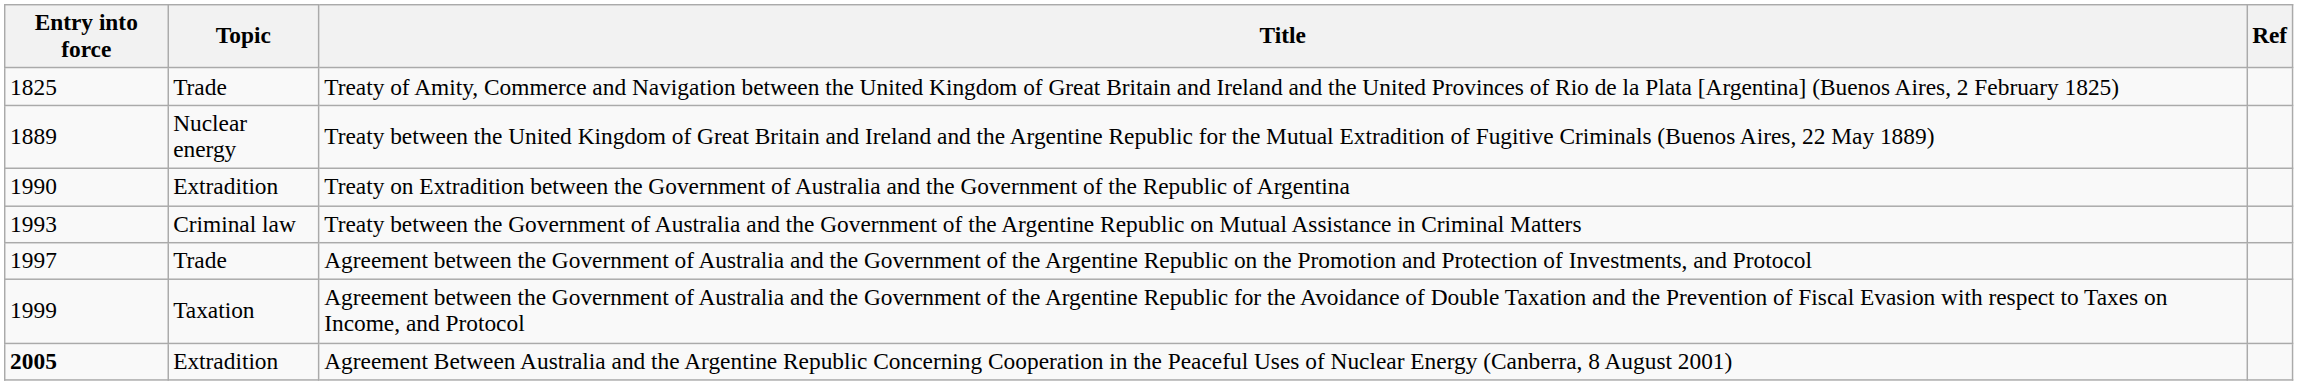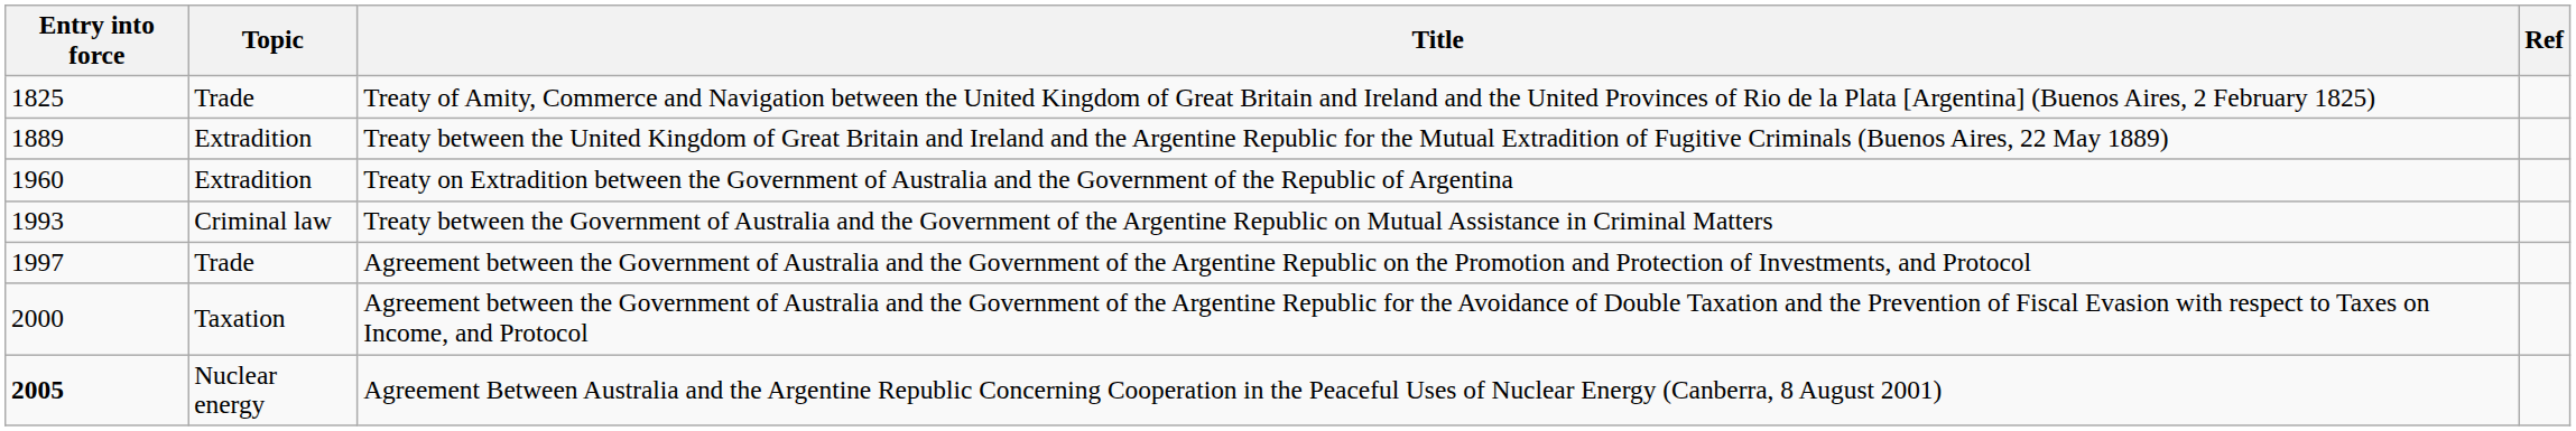 <table class="wikitable sortable">
 <tr>
 <th>Entry into force</th>
 <th>Topic</th>
 <th>Title</th>
 <th>Ref</th>
 </tr>
 <tr>
 <td>1825</td>
 <td>Trade</td>
 <td>Treaty of Amity, Commerce and Navigation between the United Kingdom of Great Britain and Ireland and the United Provinces of Rio de la Plata [Argentina] (Buenos Aires, 2 February 1825)</td>
 <td></td>
 </tr>
 <tr>
 <td>1889</td>
-<td>Nuclear energy</td>
+<td>Extradition</td>
 <td>Treaty between the United Kingdom of Great Britain and Ireland and the Argentine Republic for the Mutual Extradition of Fugitive Criminals (Buenos Aires, 22 May 1889)</td>
 <td></td>
 </tr>
 <tr>
-<td>1990</td>
+<td>1960</td>
 <td>Extradition</td>
 <td>Treaty on Extradition between the Government of Australia and the Government of the Republic of Argentina</td>
 <td></td>
 </tr>
 <tr>
 <td>1993</td>
 <td>Criminal law</td>
 <td>Treaty between the Government of Australia and the Government of the Argentine Republic on Mutual Assistance in Criminal Matters</td>
 <td></td>
 </tr>
 <tr>
 <td>1997</td>
 <td>Trade</td>
 <td>Agreement between the Government of Australia and the Government of the Argentine Republic on the Promotion and Protection of Investments, and Protocol</td>
 <td></td>
 </tr>
 <tr>
-<td>1999</td>
+<td>2000</td>
 <td>Taxation</td>
 <td>Agreement between the Government of Australia and the Government of the Argentine Republic for the Avoidance of Double Taxation and the Prevention of Fiscal Evasion with respect to Taxes on Income, and Protocol</td>
 <td></td>
 </tr>
 <tr>
 <td><strong>2005</strong></td>
-<td>Extradition</td>
+<td>Nuclear energy</td>
 <td>Agreement Between Australia and the Argentine Republic Concerning Cooperation in the Peaceful Uses of Nuclear Energy (Canberra, 8 August 2001)</td>
 <td></td>
 </tr>
 </table>
